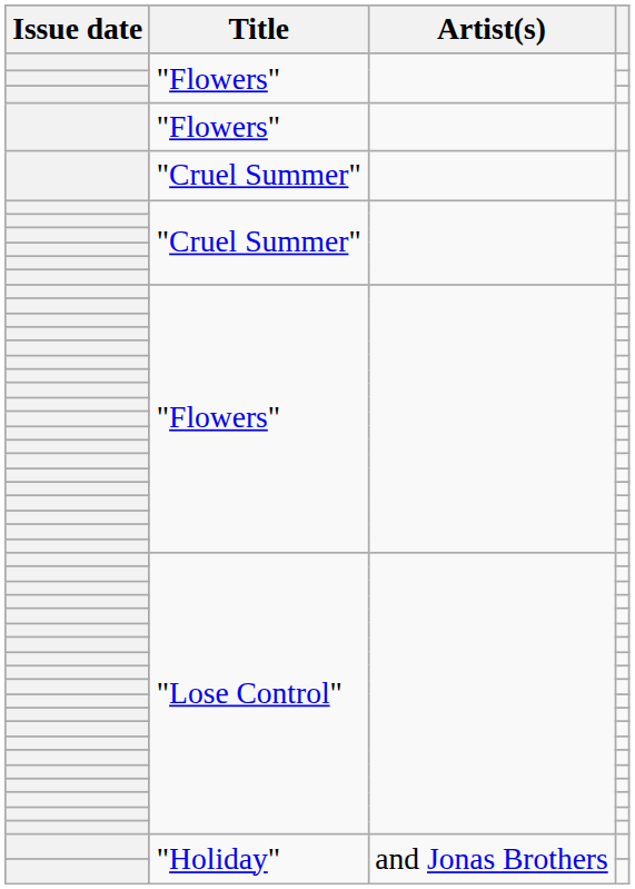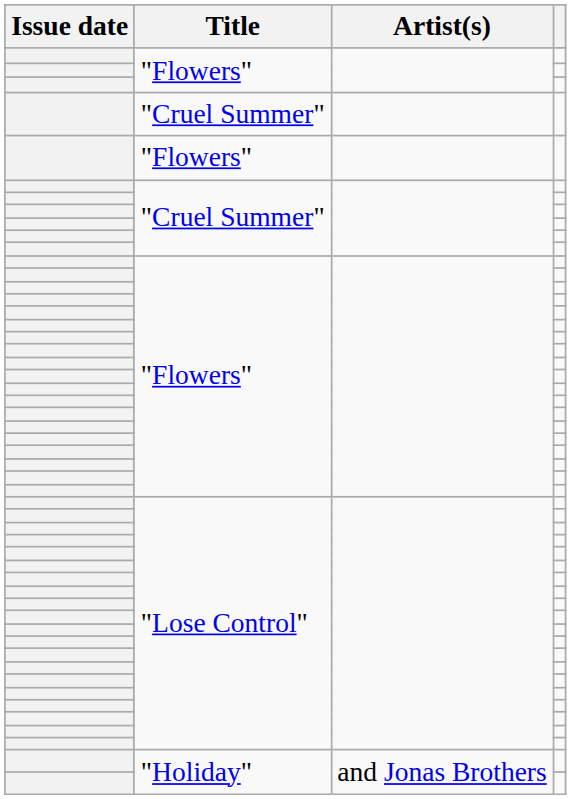 <table class="wikitable sortable plainrowheaders">
 <tr>
 <th scope="col">Issue date</th>
 <th scope="col">Title</th>
 <th scope="col">Artist(s)</th>
 <th scope="col" class=unsortable></th>
 </tr>
 <tr>
 <th scope="row"></th>
 <td rowspan=3>"<a href='#'>Flowers</a>"</td>
 <td rowspan=3></td>
 <td align=center></td>
 </tr>
 <tr>
 <th scope="row"></th>
 <td align=center></td>
 </tr>
 <tr>
 <th scope="row"></th>
 <td align=center></td>
 </tr>
 <tr>
 <th scope="row"></th>
-<td>"<a href='#'>Flowers</a>"</td>
+<td>"<a href='#'>Cruel Summer</a>"</td>
 <td></td>
 <td align=center></td>
 </tr>
 <tr>
 <th scope="row"></th>
-<td>"<a href='#'>Cruel Summer</a>"</td>
+<td>"<a href='#'>Flowers</a>"</td>
 <td></td>
 <td align=center></td>
 </tr>
 <tr>
 <th scope="row"></th>
 <td rowspan=6>"<a href='#'>Cruel Summer</a>"</td>
 <td rowspan=6></td>
 <td align=center></td>
 </tr>
 <tr>
 <th scope="row"></th>
 <td align=center></td>
 </tr>
 <tr>
 <th scope="row"></th>
 <td align=center></td>
 </tr>
 <tr>
 <th scope="row"></th>
 <td align=center></td>
 </tr>
 <tr>
 <th scope="row"></th>
 <td align=center></td>
 </tr>
 <tr>
 <th scope="row"></th>
 <td align=center></td>
 </tr>
 <tr>
 <th scope="row"></th>
 <td rowspan=19>"<a href='#'>Flowers</a>"</td>
 <td rowspan=19></td>
 <td align=center></td>
 </tr>
 <tr>
 <th scope="row"></th>
 <td align=center></td>
 </tr>
 <tr>
 <th scope="row"></th>
 <td align=center></td>
 </tr>
 <tr>
 <th scope="row"></th>
 <td align=center></td>
 </tr>
 <tr>
 <th scope="row"></th>
 <td align=center></td>
 </tr>
 <tr>
 <th scope="row"></th>
 <td align=center></td>
 </tr>
 <tr>
 <th scope="row"></th>
 <td align=center></td>
 </tr>
 <tr>
 <th scope="row"></th>
 <td align=center></td>
 </tr>
 <tr>
 <th scope="row"></th>
 <td align=center></td>
 </tr>
 <tr>
 <th scope="row"></th>
 <td align=center></td>
 </tr>
 <tr>
 <th scope="row"></th>
 <td align=center></td>
 </tr>
 <tr>
 <th scope="row"></th>
 <td align=center></td>
 </tr>
 <tr>
 <th scope="row"></th>
 <td align=center></td>
 </tr>
 <tr>
 <th scope="row"></th>
 <td align=center></td>
 </tr>
 <tr>
 <th scope="row"></th>
 <td align=center></td>
 </tr>
 <tr>
 <th scope="row"></th>
 <td align=center></td>
 </tr>
 <tr>
 <th scope="row"></th>
 <td align=center></td>
 </tr>
 <tr>
 <th scope="row"></th>
 <td align=center></td>
 </tr>
 <tr>
 <th scope="row"></th>
 <td align=center></td>
 </tr>
 <tr>
 <th scope="row"></th>
 <td rowspan=20>"<a href='#'>Lose Control</a>"</td>
 <td rowspan=20></td>
 <td align=center></td>
 </tr>
 <tr>
 <th scope="row"></th>
 <td align=center></td>
 </tr>
 <tr>
 <th scope="row"></th>
 <td align=center></td>
 </tr>
 <tr>
 <th scope="row"></th>
 <td align=center></td>
 </tr>
 <tr>
 <th scope="row"></th>
 <td align=center></td>
 </tr>
 <tr>
 <th scope="row"></th>
 <td align=center></td>
 </tr>
 <tr>
 <th scope="row"></th>
 <td align=center></td>
 </tr>
 <tr>
 <th scope="row"></th>
 <td align=center></td>
 </tr>
 <tr>
 <th scope="row"></th>
 <td align=center></td>
 </tr>
 <tr>
 <th scope="row"></th>
 <td align=center></td>
 </tr>
 <tr>
 <th scope="row"></th>
 <td align=center></td>
 </tr>
 <tr>
 <th scope="row"></th>
 <td align=center></td>
 </tr>
 <tr>
 <th scope="row"></th>
 <td align=center></td>
 </tr>
 <tr>
 <th scope="row"></th>
 <td align=center></td>
 </tr>
 <tr>
 <th scope="row"></th>
 <td align=center></td>
 </tr>
 <tr>
 <th scope="row"></th>
 <td align=center></td>
 </tr>
 <tr>
 <th scope="row"></th>
 <td align=center></td>
 </tr>
 <tr>
 <th scope="row"></th>
 <td align=center></td>
 </tr>
 <tr>
 <th scope="row"></th>
 <td align=center></td>
 </tr>
 <tr>
 <th scope="row"></th>
 <td align=center></td>
 </tr>
 <tr>
 <th scope="row"></th>
 <td rowspan=2>"<a href='#'>Holiday</a>"</td>
 <td rowspan=2> and <a href='#'>Jonas Brothers</a></td>
 <td align=center></td>
 </tr>
 <tr>
 <th scope="row"></th>
 <td align=center></td>
 </tr>
 </table>
